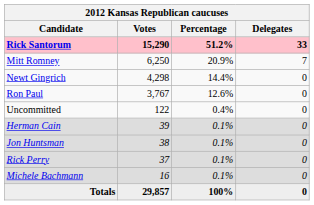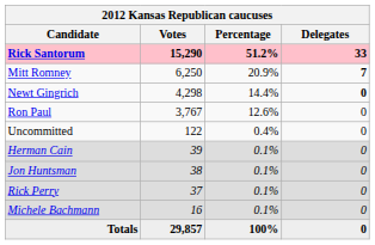 <table class="wikitable" style="text-align:right; font-size: 95%;"|->
 <tr>
 <th colspan="5">2012 Kansas Republican caucuses</th>
 </tr>
 <tr>
 <th style="width: 11em">Candidate</th>
 <th style="width: 5em">Votes</th>
 <th style="width: 6em">Percentage</th>
 <th style="width: 7em">Delegates</th>
 </tr>
 <tr align="right" bgcolor="pink">
 <td align="left"> <strong><a href='#'>Rick Santorum</a></strong></td>
 <td><strong>15,290</strong></td>
 <td><strong>51.2%</strong></td>
 <td><strong>33</strong></td>
 </tr>
 <tr>
 <td align="left"><a href='#'>Mitt Romney</a></td>
 <td>6,250</td>
 <td>20.9%</td>
-<td>7</td>
+<td><strong>7</strong></td>
 </tr>
 <tr>
 <td align="left"><a href='#'>Newt Gingrich</a></td>
 <td>4,298</td>
 <td>14.4%</td>
-<td>0</td>
+<td><strong>0</strong></td>
 </tr>
 <tr>
 <td align="left"><a href='#'>Ron Paul</a></td>
 <td>3,767</td>
 <td>12.6%</td>
 <td>0</td>
 </tr>
 <tr>
 <td style="text-align:left;">Uncommitted</td>
 <td>122</td>
 <td>0.4%</td>
 <td>0</td>
 </tr>
 <tr bgcolor="DDDDDD">
 <td style="text-align:left;"><em><a href='#'>Herman Cain</a></em></td>
 <td><em>39</em></td>
 <td><em>0.1%</em></td>
 <td><em>0</em></td>
 </tr>
 <tr bgcolor="DDDDDD">
 <td style="text-align:left;"><a href='#'><em>Jon Huntsman</em></a></td>
 <td><em>38</em></td>
 <td><em>0.1%</em></td>
 <td><em>0</em></td>
 </tr>
 <tr bgcolor="DDDDDD">
 <td style="text-align:left;"><em><a href='#'>Rick Perry</a></em></td>
 <td><em>37</em></td>
 <td><em>0.1%</em></td>
 <td><em>0</em></td>
 </tr>
 <tr bgcolor="DDDDDD">
 <td style="text-align:left;"><em><a href='#'>Michele Bachmann</a></em></td>
 <td><em>16</em></td>
 <td><em>0.1%</em></td>
 <td><em>0</em></td>
 </tr>
 <tr bgcolor="#EEEEEE">
 <td><strong>Totals</strong></td>
 <td><strong>29,857</strong></td>
 <td><strong>100%</strong></td>
 <td><strong>0</strong></td>
 </tr>
 </table>
